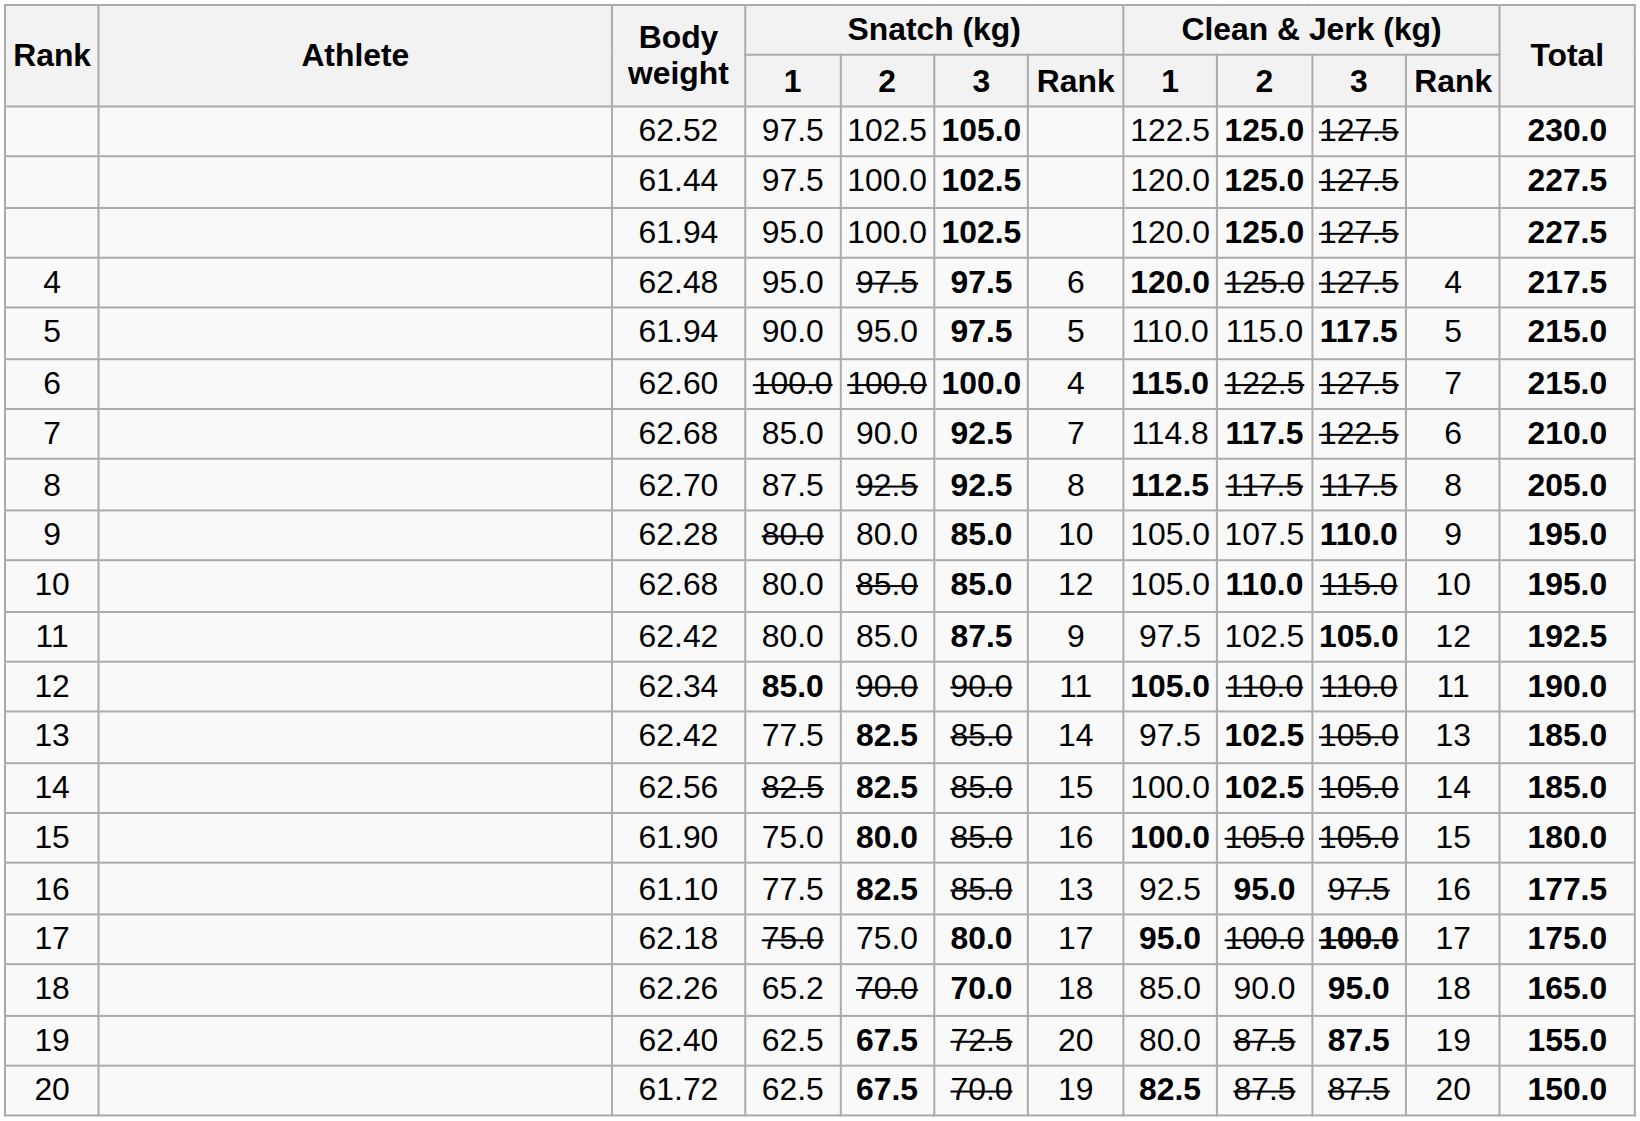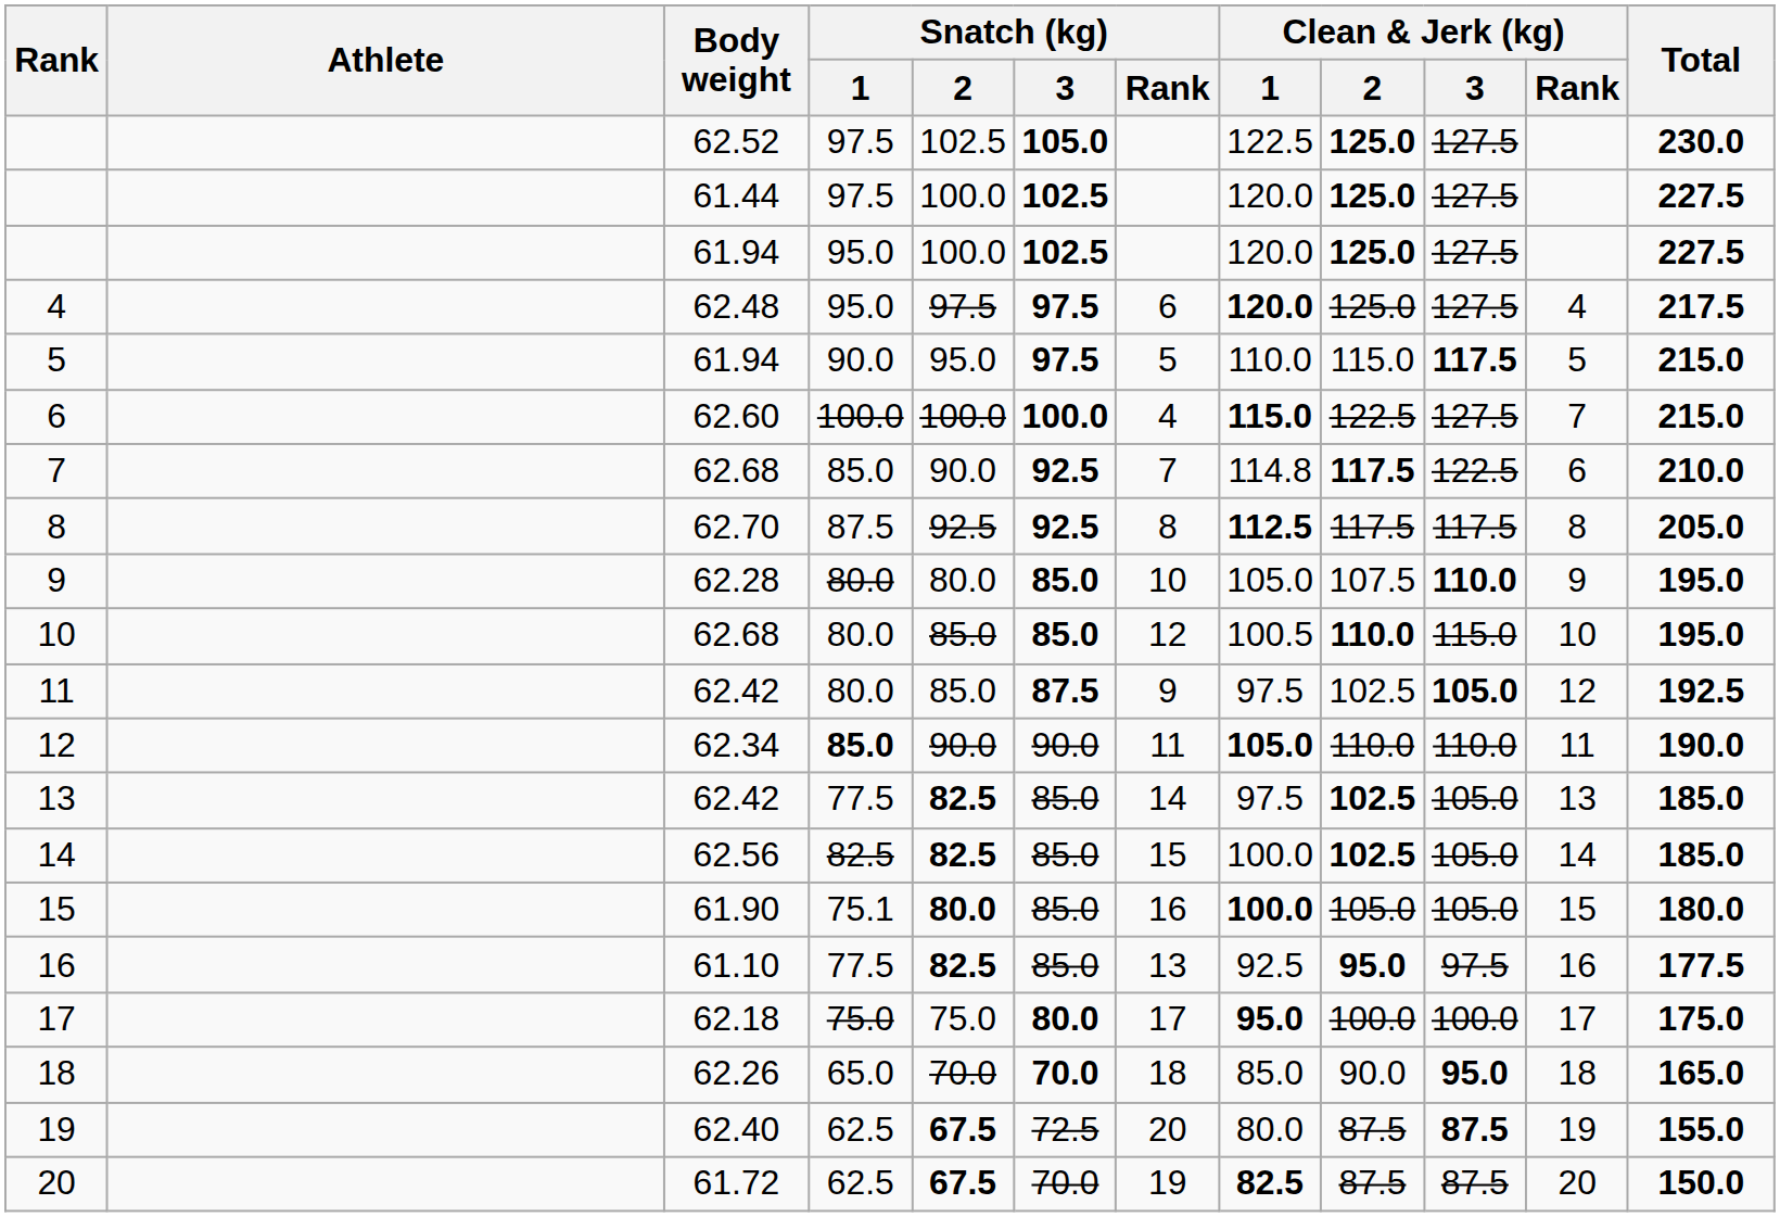 <table class = "wikitable" style="text-align:center;">
 <tr>
 <th rowspan=2 width=40>Rank</th>
 <th rowspan=2 width=250>Athlete</th>
 <th rowspan=2 width=60>Body weight</th>
 <th colspan=4>Snatch (kg)</th>
 <th colspan=4>Clean & Jerk (kg)</th>
 <th rowspan=2 width=60>Total</th>
 </tr>
 <tr>
 <th width=40>1</th>
 <th width=40>2</th>
 <th width=40>3</th>
 <th width=40>Rank</th>
 <th width=40>1</th>
 <th width=40>2</th>
 <th width=40>3</th>
 <th width=40>Rank</th>
 </tr>
 <tr>
 <td></td>
 <td align=left></td>
 <td>62.52</td>
 <td>97.5</td>
 <td>102.5</td>
 <td><strong>105.0</strong></td>
 <td></td>
 <td>122.5</td>
 <td><strong>125.0</strong></td>
 <td><s>127.5 </s></td>
 <td></td>
 <td><strong>230.0</strong></td>
 </tr>
 <tr>
 <td></td>
 <td align=left></td>
 <td>61.44</td>
 <td>97.5</td>
 <td>100.0</td>
 <td><strong>102.5</strong></td>
 <td></td>
 <td>120.0</td>
 <td><strong>125.0</strong></td>
 <td><s>127.5 </s></td>
 <td></td>
 <td><strong>227.5</strong></td>
 </tr>
 <tr>
 <td></td>
 <td align=left></td>
 <td>61.94</td>
 <td>95.0</td>
 <td>100.0</td>
 <td><strong>102.5</strong></td>
 <td></td>
 <td>120.0</td>
 <td><strong>125.0</strong></td>
 <td><s>127.5 </s></td>
 <td></td>
 <td><strong>227.5</strong></td>
 </tr>
 <tr>
 <td>4</td>
 <td align=left></td>
 <td>62.48</td>
 <td>95.0</td>
 <td><s>97.5 </s></td>
 <td><strong>97.5</strong></td>
 <td>6</td>
 <td><strong>120.0</strong></td>
 <td><s>125.0 </s></td>
 <td><s>127.5 </s></td>
 <td>4</td>
 <td><strong>217.5</strong></td>
 </tr>
 <tr>
 <td>5</td>
 <td align=left></td>
 <td>61.94</td>
 <td>90.0</td>
 <td>95.0</td>
 <td><strong>97.5</strong></td>
 <td>5</td>
 <td>110.0</td>
 <td>115.0</td>
 <td><strong>117.5</strong></td>
 <td>5</td>
 <td><strong>215.0</strong></td>
 </tr>
 <tr>
 <td>6</td>
 <td align=left></td>
 <td>62.60</td>
 <td><s>100.0 </s></td>
 <td><s>100.0 </s></td>
 <td><strong>100.0</strong></td>
 <td>4</td>
 <td><strong>115.0</strong></td>
 <td><s>122.5 </s></td>
 <td><s>127.5 </s></td>
 <td>7</td>
 <td><strong>215.0</strong></td>
 </tr>
 <tr>
 <td>7</td>
 <td align=left></td>
 <td>62.68</td>
 <td>85.0</td>
 <td>90.0</td>
 <td><strong>92.5</strong></td>
 <td>7</td>
 <td>114.8</td>
 <td><strong>117.5</strong></td>
 <td><s>122.5 </s></td>
 <td>6</td>
 <td><strong>210.0</strong></td>
 </tr>
 <tr>
 <td>8</td>
 <td align=left></td>
 <td>62.70</td>
 <td>87.5</td>
 <td><s>92.5 </s></td>
 <td><strong>92.5</strong></td>
 <td>8</td>
 <td><strong>112.5</strong></td>
 <td><s>117.5 </s></td>
 <td><s>117.5 </s></td>
 <td>8</td>
 <td><strong>205.0</strong></td>
 </tr>
 <tr>
 <td>9</td>
 <td align=left></td>
 <td>62.28</td>
 <td><s>80.0 </s></td>
 <td>80.0</td>
 <td><strong>85.0</strong></td>
 <td>10</td>
 <td>105.0</td>
 <td>107.5</td>
 <td><strong>110.0</strong></td>
 <td>9</td>
 <td><strong>195.0</strong></td>
 </tr>
 <tr>
 <td>10</td>
 <td align=left></td>
 <td>62.68</td>
 <td>80.0</td>
 <td><s>85.0 </s></td>
 <td><strong>85.0</strong></td>
 <td>12</td>
-<td>105.0</td>
+<td>100.5</td>
 <td><strong>110.0</strong></td>
 <td><s>115.0 </s></td>
 <td>10</td>
 <td><strong>195.0</strong></td>
 </tr>
 <tr>
 <td>11</td>
 <td align=left></td>
 <td>62.42</td>
 <td>80.0</td>
 <td>85.0</td>
 <td><strong>87.5</strong></td>
 <td>9</td>
 <td>97.5</td>
 <td>102.5</td>
 <td><strong>105.0</strong></td>
 <td>12</td>
 <td><strong>192.5</strong></td>
 </tr>
 <tr>
 <td>12</td>
 <td align=left></td>
 <td>62.34</td>
 <td><strong>85.0</strong></td>
 <td><s>90.0 </s></td>
 <td><s>90.0 </s></td>
 <td>11</td>
 <td><strong>105.0</strong></td>
 <td><s>110.0 </s></td>
 <td><s>110.0 </s></td>
 <td>11</td>
 <td><strong>190.0</strong></td>
 </tr>
 <tr>
 <td>13</td>
 <td align=left></td>
 <td>62.42</td>
 <td>77.5</td>
 <td><strong>82.5</strong></td>
 <td><s>85.0 </s></td>
 <td>14</td>
 <td>97.5</td>
 <td><strong>102.5</strong></td>
 <td><s>105.0 </s></td>
 <td>13</td>
 <td><strong>185.0</strong></td>
 </tr>
 <tr>
 <td>14</td>
 <td align=left></td>
 <td>62.56</td>
 <td><s>82.5 </s></td>
 <td><strong>82.5</strong></td>
 <td><s>85.0 </s></td>
 <td>15</td>
 <td>100.0</td>
 <td><strong>102.5</strong></td>
 <td><s>105.0 </s></td>
 <td>14</td>
 <td><strong>185.0</strong></td>
 </tr>
 <tr>
 <td>15</td>
 <td align=left></td>
 <td>61.90</td>
-<td>75.0</td>
+<td>75.1</td>
 <td><strong>80.0</strong></td>
 <td><s>85.0 </s></td>
 <td>16</td>
 <td><strong>100.0</strong></td>
 <td><s>105.0 </s></td>
 <td><s>105.0 </s></td>
 <td>15</td>
 <td><strong>180.0</strong></td>
 </tr>
 <tr>
 <td>16</td>
 <td align=left></td>
 <td>61.10</td>
 <td>77.5</td>
 <td><strong>82.5</strong></td>
 <td><s>85.0 </s></td>
 <td>13</td>
 <td>92.5</td>
 <td><strong>95.0</strong></td>
 <td><s>97.5 </s></td>
 <td>16</td>
 <td><strong>177.5</strong></td>
 </tr>
 <tr>
 <td>17</td>
 <td align=left></td>
 <td>62.18</td>
 <td><s>75.0 </s></td>
 <td>75.0</td>
 <td><strong>80.0</strong></td>
 <td>17</td>
 <td><strong>95.0</strong></td>
 <td><s>100.0 </s></td>
-<td><strong><s>100.0 </s></strong></td>
+<td><s>100.0 </s></td>
 <td>17</td>
 <td><strong>175.0</strong></td>
 </tr>
 <tr>
 <td>18</td>
 <td align=left></td>
 <td>62.26</td>
-<td>65.2</td>
+<td>65.0</td>
 <td><s>70.0 </s></td>
 <td><strong>70.0</strong></td>
 <td>18</td>
 <td>85.0</td>
 <td>90.0</td>
 <td><strong>95.0</strong></td>
 <td>18</td>
 <td><strong>165.0</strong></td>
 </tr>
 <tr>
 <td>19</td>
 <td align=left></td>
 <td>62.40</td>
 <td>62.5</td>
 <td><strong>67.5</strong></td>
 <td><s>72.5 </s></td>
 <td>20</td>
 <td>80.0</td>
 <td><s>87.5 </s></td>
 <td><strong>87.5</strong></td>
 <td>19</td>
 <td><strong>155.0</strong></td>
 </tr>
 <tr>
 <td>20</td>
 <td align=left></td>
 <td>61.72</td>
 <td>62.5</td>
 <td><strong>67.5</strong></td>
 <td><s>70.0 </s></td>
 <td>19</td>
 <td><strong>82.5</strong></td>
 <td><s>87.5 </s></td>
 <td><s>87.5 </s></td>
 <td>20</td>
 <td><strong>150.0</strong></td>
 </tr>
 </table>
